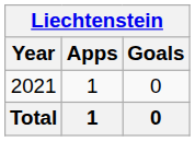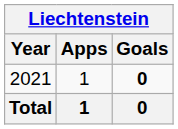 <table class="wikitable" style="text-align:center">
 <tr>
 <th colspan=3><a href='#'>Liechtenstein</a></th>
 </tr>
 <tr>
 <th>Year</th>
 <th>Apps</th>
 <th>Goals</th>
 </tr>
 <tr>
 <td>2021</td>
 <td>1</td>
-<td>0</td>
+<td><strong>0</strong></td>
 </tr>
 <tr>
 <th>Total</th>
 <th>1</th>
 <th>0</th>
 </tr>
 </table>
